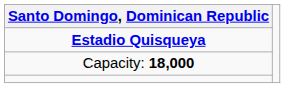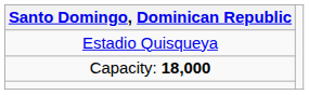 <table class="wikitable" style="text-align:center">
 <tr>
 <th><a href='#'>Santo Domingo</a>, <a href='#'>Dominican Republic</a></th>
 <td rowspan="4"><br></td>
 </tr>
 <tr>
-<td><strong><a href='#'>Estadio Quisqueya</a></strong></td>
+<td><a href='#'>Estadio Quisqueya</a></td>
 </tr>
 <tr>
 <td>Capacity: <strong>18,000</strong></td>
 </tr>
 <tr>
 <td></td>
 </tr>
 </table>
